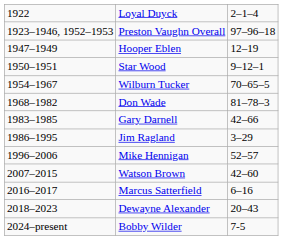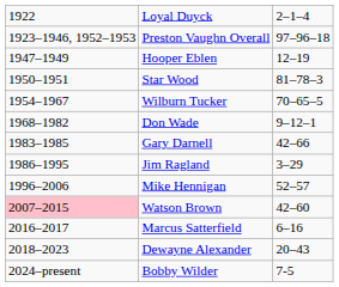 <table class="wikitable">
 <tr>
 <td>1922</td>
 <td><a href='#'>Loyal Duyck</a></td>
 <td>2–1–4</td>
 </tr>
 <tr>
 <td>1923–1946, 1952–1953</td>
 <td><a href='#'>Preston Vaughn Overall</a></td>
 <td>97–96–18</td>
 </tr>
 <tr>
 <td>1947–1949</td>
 <td><a href='#'>Hooper Eblen</a></td>
 <td>12–19</td>
 </tr>
 <tr>
 <td>1950–1951</td>
 <td><a href='#'>Star Wood</a></td>
-<td>9–12–1</td>
+<td>81–78–3</td>
 </tr>
 <tr>
 <td>1954–1967</td>
 <td><a href='#'>Wilburn Tucker</a></td>
 <td>70–65–5</td>
 </tr>
 <tr>
 <td>1968–1982</td>
 <td><a href='#'>Don Wade</a></td>
-<td>81–78–3</td>
+<td>9–12–1</td>
 </tr>
 <tr>
 <td>1983–1985</td>
 <td><a href='#'>Gary Darnell</a></td>
 <td>42–66</td>
 </tr>
 <tr>
 <td>1986–1995</td>
 <td><a href='#'>Jim Ragland</a></td>
 <td>3–29</td>
 </tr>
 <tr>
 <td>1996–2006</td>
 <td><a href='#'>Mike Hennigan</a></td>
 <td>52–57</td>
 </tr>
 <tr>
-<td>2007–2015</td>
+<td style="background: pink;">2007–2015</td>
 <td><a href='#'>Watson Brown</a></td>
 <td>42–60</td>
 </tr>
 <tr>
 <td>2016–2017</td>
 <td><a href='#'>Marcus Satterfield</a></td>
 <td>6–16</td>
 </tr>
 <tr>
 <td>2018–2023</td>
 <td><a href='#'>Dewayne Alexander</a></td>
 <td>20–43</td>
 </tr>
 <tr>
 <td>2024–present</td>
 <td><a href='#'>Bobby Wilder</a></td>
 <td>7-5</td>
 </tr>
 </table>
